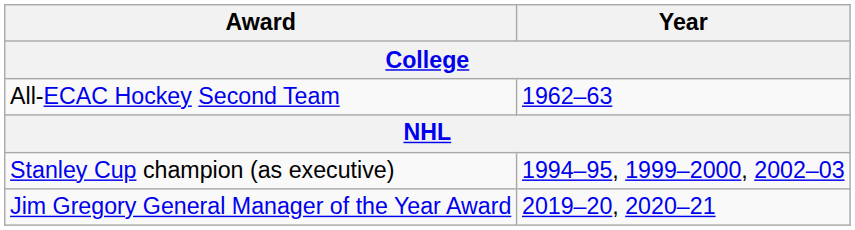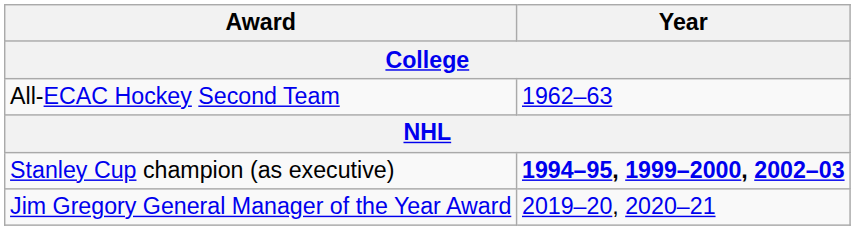 <table class="wikitable">
 <tr>
 <th>Award</th>
 <th>Year</th>
 </tr>
 <tr>
 <th colspan="3"><a href='#'>College</a></th>
 </tr>
 <tr>
 <td>All-<a href='#'>ECAC Hockey</a> <a href='#'>Second Team</a></td>
 <td><a href='#'>1962–63</a></td>
 </tr>
 <tr>
 <th colspan="3"><a href='#'>NHL</a></th>
 </tr>
 <tr>
 <td><a href='#'>Stanley Cup</a> champion (as executive)</td>
-<td><a href='#'>1994–95</a>, <a href='#'>1999–2000</a>, <a href='#'>2002–03</a></td>
+<td><strong><a href='#'>1994–95</a>, <a href='#'>1999–2000</a>, <a href='#'>2002–03</a></strong></td>
 </tr>
 <tr>
 <td><a href='#'>Jim Gregory General Manager of the Year Award</a></td>
 <td><a href='#'>2019–20</a>, <a href='#'>2020–21</a></td>
 </tr>
 </table>
